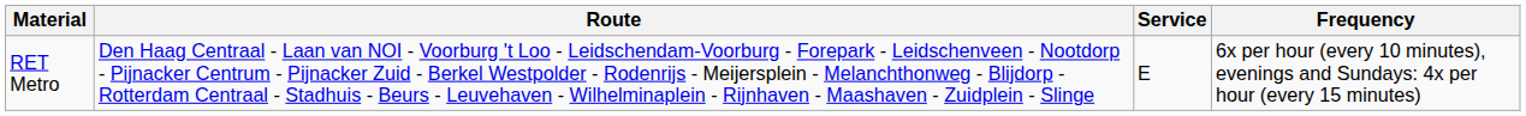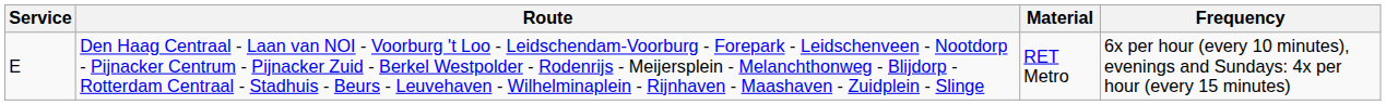 <table class="wikitable vatop">
 <tr>
+<th>Service</th>
+<th>Route</th>
 <th>Material</th>
-<th>Route</th>
-<th>Service</th>
 <th>Frequency</th>
 </tr>
 <tr>
+<td>E</td>
+<td><a href='#'>Den Haag Centraal</a> - <a href='#'>Laan van NOI</a> - <a href='#'>Voorburg 't Loo</a> - <a href='#'>Leidschendam-Voorburg</a> - <a href='#'>Forepark</a> - <a href='#'>Leidschenveen</a> - <a href='#'>Nootdorp</a> - <a href='#'>Pijnacker Centrum</a> - <a href='#'>Pijnacker Zuid</a> - <a href='#'>Berkel Westpolder</a> - <a href='#'>Rodenrijs</a> - Meijersplein - <a href='#'>Melanchthonweg</a> - <a href='#'>Blijdorp</a> - <a href='#'>Rotterdam Centraal</a> - <a href='#'>Stadhuis</a> - <a href='#'>Beurs</a> - <a href='#'>Leuvehaven</a> - <a href='#'>Wilhelminaplein</a> - <a href='#'>Rijnhaven</a> - <a href='#'>Maashaven</a> - <a href='#'>Zuidplein</a> - <a href='#'>Slinge</a></td>
 <td><a href='#'>RET</a> Metro</td>
-<td><a href='#'>Den Haag Centraal</a> - <a href='#'>Laan van NOI</a> - <a href='#'>Voorburg 't Loo</a> - <a href='#'>Leidschendam-Voorburg</a> - <a href='#'>Forepark</a> - <a href='#'>Leidschenveen</a> - <a href='#'>Nootdorp</a> - <a href='#'>Pijnacker Centrum</a> - <a href='#'>Pijnacker Zuid</a> - <a href='#'>Berkel Westpolder</a> - <a href='#'>Rodenrijs</a> - Meijersplein - <a href='#'>Melanchthonweg</a> - <a href='#'>Blijdorp</a> - <a href='#'>Rotterdam Centraal</a> - <a href='#'>Stadhuis</a> - <a href='#'>Beurs</a> - <a href='#'>Leuvehaven</a> - <a href='#'>Wilhelminaplein</a> - <a href='#'>Rijnhaven</a> - <a href='#'>Maashaven</a> - <a href='#'>Zuidplein</a> - <a href='#'>Slinge</a></td>
-<td>E</td>
 <td>6x per hour (every 10 minutes), evenings and Sundays: 4x per hour (every 15 minutes)</td>
 </tr>
 </table>
